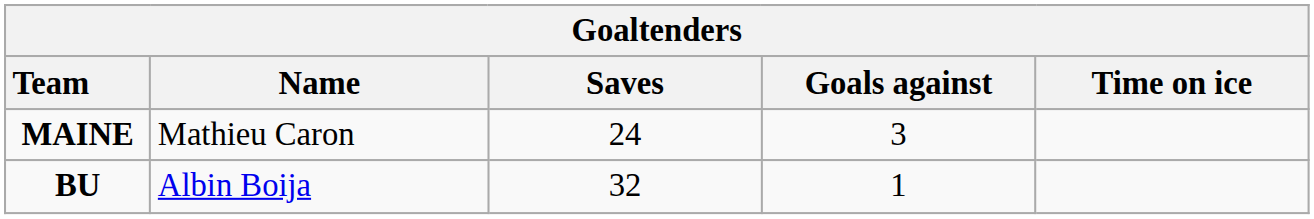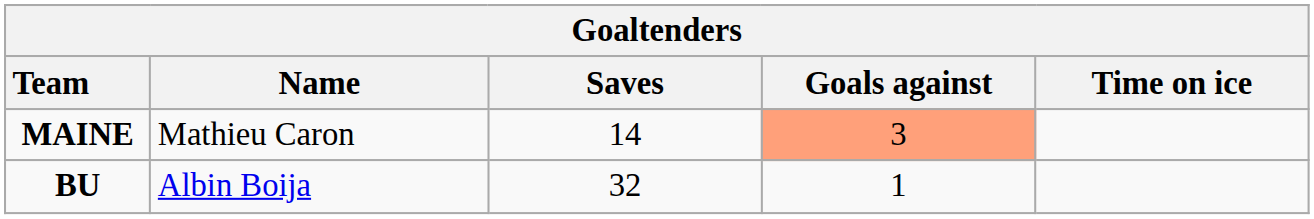 <table class="wikitable" style="width:40em; text-align:right;">
 <tr>
 <th colspan=5>Goaltenders</th>
 </tr>
 <tr>
 <th style="width:4em; text-align:left;">Team</th>
 <th style="width:10em;">Name</th>
 <th style="width:8em;">Saves</th>
 <th style="width:8em;">Goals against</th>
 <th style="width:8em;">Time on ice</th>
 </tr>
 <tr>
 <td align=center><strong>MAINE</strong></td>
 <td style="text-align:left;">Mathieu Caron</td>
-<td align=center>24</td>
-<td align=center>3</td>
+<td align=center>14</td>
+<td align=center style="background: lightsalmon;">3</td>
 <td align=center></td>
 </tr>
 <tr>
 <td align=center><strong>BU</strong></td>
 <td style="text-align:left;"><a href='#'>Albin Boija</a></td>
 <td align=center>32</td>
 <td align=center>1</td>
 <td align=center></td>
 </tr>
 </table>
